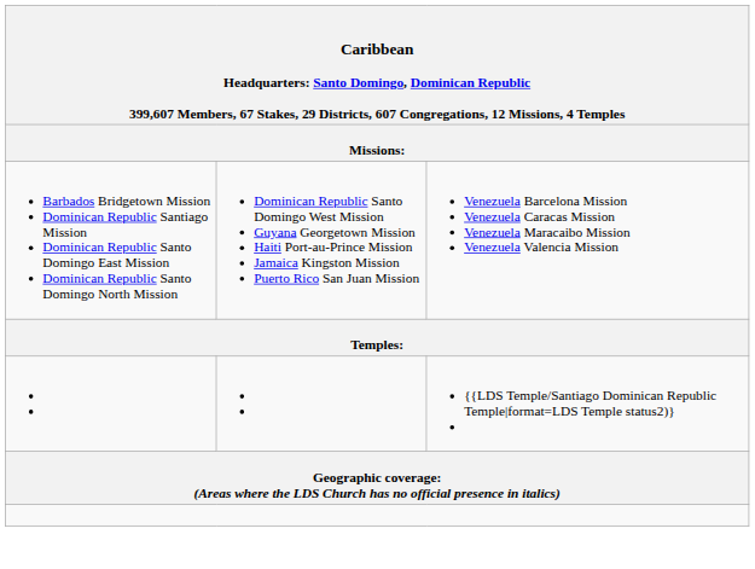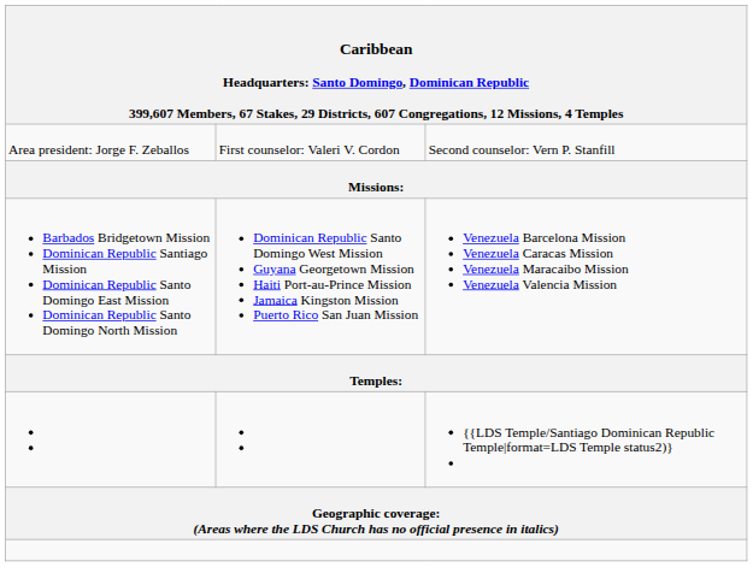 <table class=wikitable>
 <tr>
 <th colspan=3><br><h3>Caribbean</h3>Headquarters: <a href='#'>Santo Domingo</a>, <a href='#'>Dominican Republic</a><br><br>399,607 Members, 67 Stakes, 29 Districts, 607 Congregations, 12 Missions, 4 Temples</th>
+</tr>
+<tr>
+<td style="vertical-align:top"><br>Area president: Jorge F. Zeballos</td>
+<td style="vertical-align:top"><br>First counselor: Valeri V. Cordon</td>
+<td style="vertical-align:top"><br>Second counselor: Vern P. Stanfill</td>
 </tr>
 <tr>
 <th colspan=3><br>Missions:</th>
 </tr>
 <tr>
 <td style="vertical-align:top"><br><ul><li><a href='#'>Barbados</a> Bridgetown Mission</li><li><a href='#'>Dominican Republic</a> Santiago Mission</li><li><a href='#'>Dominican Republic</a> Santo Domingo East Mission</li><li><a href='#'>Dominican Republic</a> Santo Domingo North Mission</li></ul></td>
 <td style="vertical-align:top"><br><ul><li><a href='#'>Dominican Republic</a> Santo Domingo West Mission</li><li><a href='#'>Guyana</a> Georgetown Mission</li><li><a href='#'>Haiti</a> Port-au-Prince Mission</li><li><a href='#'>Jamaica</a> Kingston Mission</li><li><a href='#'>Puerto Rico</a> San Juan Mission</li></ul></td>
 <td style="vertical-align:top"><br><ul><li><a href='#'>Venezuela</a> Barcelona Mission</li><li><a href='#'>Venezuela</a> Caracas Mission</li><li><a href='#'>Venezuela</a> Maracaibo Mission</li><li><a href='#'>Venezuela</a> Valencia Mission</li></ul></td>
 </tr>
 <tr>
 <th colspan=3><br>Temples:</th>
 </tr>
 <tr>
 <td style="vertical-align:top"><br><ul><li></li><li></li></ul></td>
 <td style="vertical-align:top"><br><ul><li></li><li></li></ul></td>
 <td style="vertical-align:top"><br><ul><li>{{LDS Temple/Santiago Dominican Republic Temple|format=LDS Temple status2)}</li><li></li></ul></td>
 </tr>
 <tr>
 <th colspan=3><br>Geographic coverage:<br><em>(Areas where the LDS Church has no official presence in italics)</em></th>
 </tr>
 <tr>
 <td style="vertical-align:top" colspan=3><br></td>
 </tr>
 </table>
